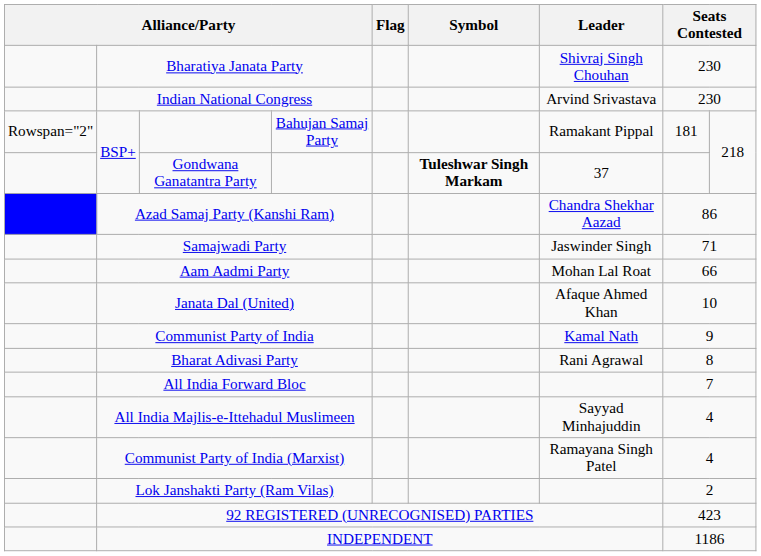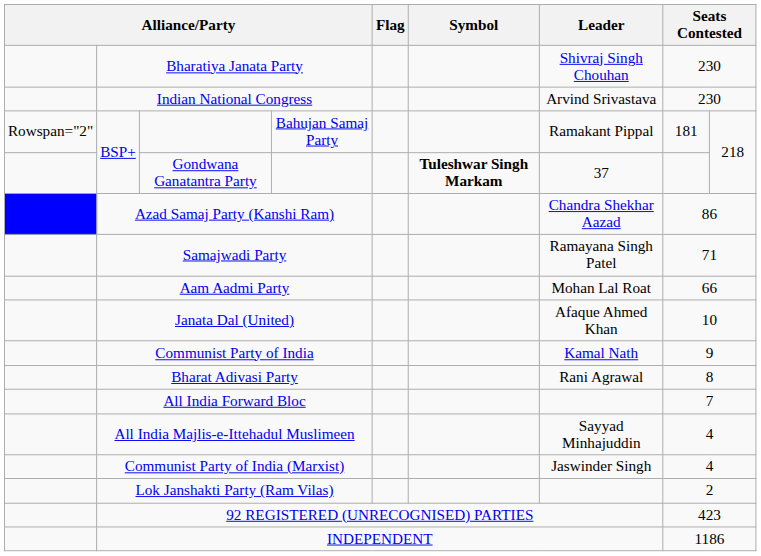 <table class="wikitable" width="50%" style="text-align:center;">
 <tr>
 <th colspan="4">Alliance/Party</th>
 <th>Flag</th>
 <th>Symbol</th>
 <th>Leader</th>
 <th colspan="2">Seats Contested</th>
 </tr>
 <tr>
 <td></td>
 <td colspan="3"><a href='#'>Bharatiya Janata Party</a></td>
 <td></td>
 <td></td>
 <td><a href='#'>Shivraj Singh Chouhan</a></td>
 <td colspan="2">230</td>
 </tr>
 <tr>
 <td></td>
 <td colspan="3"><a href='#'>Indian National Congress</a></td>
 <td></td>
 <td></td>
 <td>Arvind Srivastava</td>
 <td colspan="2">230</td>
 </tr>
 <tr>
 <td>Rowspan="2" </td>
 <td rowspan="2"><a href='#'>BSP+</a></td>
 <td></td>
 <td><a href='#'>Bahujan Samaj Party</a></td>
 <td></td>
 <td></td>
 <td>Ramakant Pippal</td>
 <td>181</td>
 <td rowspan="2">218</td>
 </tr>
 <tr>
 <td></td>
 <td><a href='#'>Gondwana Ganatantra Party</a></td>
 <td></td>
 <td></td>
 <td><strong>Tuleshwar Singh Markam</strong></td>
 <td>37</td>
 </tr>
 <tr>
 <td bgcolor="blue"></td>
 <td colspan="3"><a href='#'>Azad Samaj Party (Kanshi Ram)</a></td>
 <td></td>
 <td></td>
 <td><a href='#'>Chandra Shekhar Aazad</a></td>
 <td colspan="2">86</td>
 </tr>
 <tr>
 <td></td>
 <td colspan="3"><a href='#'>Samajwadi Party</a></td>
 <td></td>
 <td></td>
-<td>Jaswinder Singh</td>
+<td>Ramayana Singh Patel</td>
 <td colspan="2">71</td>
 </tr>
 <tr>
 <td></td>
 <td colspan="3"><a href='#'>Aam Aadmi Party</a></td>
 <td></td>
 <td></td>
 <td>Mohan Lal Roat</td>
 <td colspan="2">66</td>
 </tr>
 <tr>
 <td></td>
 <td colspan="3"><a href='#'>Janata Dal (United)</a></td>
 <td></td>
 <td></td>
 <td>Afaque Ahmed Khan</td>
 <td colspan="2">10</td>
 </tr>
 <tr>
 <td></td>
 <td colspan="3"><a href='#'>Communist Party of India</a></td>
 <td></td>
 <td></td>
 <td><a href='#'>Kamal Nath</a></td>
 <td colspan="2">9</td>
 </tr>
 <tr>
 <td></td>
 <td colspan="3"><a href='#'>Bharat Adivasi Party</a></td>
 <td></td>
 <td></td>
 <td>Rani Agrawal</td>
 <td colspan="2">8</td>
 </tr>
 <tr>
 <td></td>
 <td colspan="3"><a href='#'>All India Forward Bloc</a></td>
 <td></td>
 <td></td>
 <td></td>
 <td colspan="2">7</td>
 </tr>
 <tr>
 <td></td>
 <td colspan="3"><a href='#'>All India Majlis-e-Ittehadul Muslimeen</a></td>
 <td></td>
 <td></td>
 <td>Sayyad Minhajuddin</td>
 <td colspan="2">4</td>
 </tr>
 <tr>
 <td></td>
 <td colspan="3"><a href='#'>Communist Party of India (Marxist)</a></td>
 <td></td>
 <td></td>
-<td>Ramayana Singh Patel</td>
+<td>Jaswinder Singh</td>
 <td colspan="2">4</td>
 </tr>
 <tr>
 <td></td>
 <td colspan="3"><a href='#'>Lok Janshakti Party (Ram Vilas)</a></td>
 <td></td>
 <td></td>
 <td></td>
 <td colspan="2">2</td>
 </tr>
 <tr>
 <td></td>
 <td colspan="6"><a href='#'>92 REGISTERED (UNRECOGNISED) PARTIES</a></td>
 <td colspan="2">423</td>
 </tr>
 <tr>
 <td></td>
 <td colspan="6"><a href='#'>INDEPENDENT</a></td>
 <td colspan="2">1186</td>
 </tr>
 </table>
